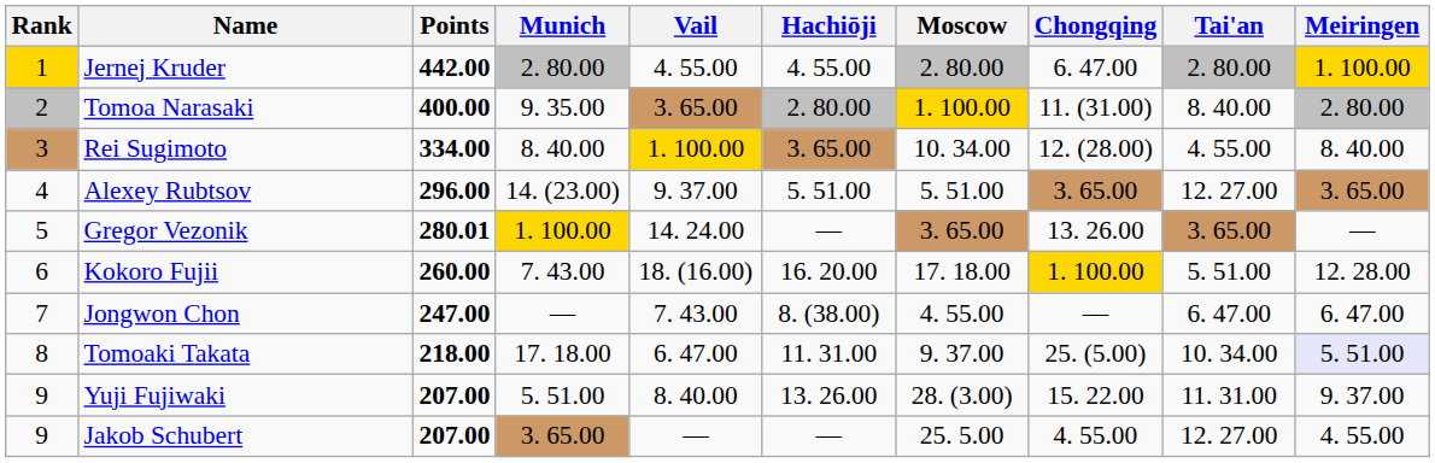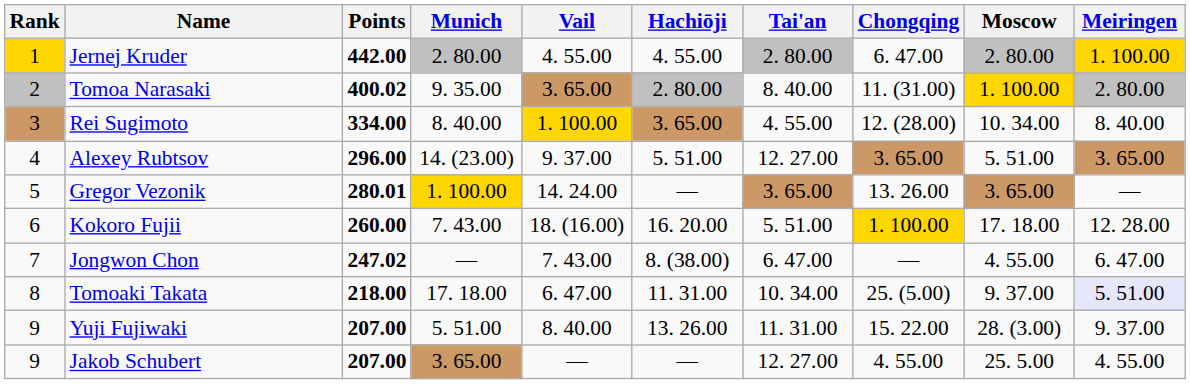 <table class="wikitable sortable">
 <tr>
 <th>Rank</th>
 <th width = "200">Name</th>
 <th>Points</th>
 <th width = "75" data-sort-type="number"><a href='#'>Munich</a></th>
 <th width = "75" data-sort-type="number"><a href='#'>Vail</a></th>
 <th width = "75" data-sort-type="number"><a href='#'>Hachiōji</a></th>
+<th width = "75" data-sort-type="number"><a href='#'>Tai'an</a></th>
+<th width = "75" data-sort-type="number"><a href='#'>Chongqing</a></th>
 <th width = "75" data-sort-type="number">Moscow</th>
-<th width = "75" data-sort-type="number"><a href='#'>Chongqing</a></th>
-<th width = "75" data-sort-type="number"><a href='#'>Tai'an</a></th>
 <th width = "75" data-sort-type="number"><a href='#'>Meiringen</a></th>
 </tr>
 <tr>
 <td align="center" style="background: gold">1</td>
 <td> <a href='#'>Jernej Kruder</a></td>
 <td align="center"><strong>442.00</strong></td>
 <td align="center" style="background: silver">2. 80.00</td>
 <td align="center">4. 55.00</td>
 <td align="center">4. 55.00</td>
 <td align="center" style="background: silver">2. 80.00</td>
 <td align="center">6. 47.00</td>
 <td align="center" style="background: silver">2. 80.00</td>
 <td align="center" style="background: gold">1. 100.00</td>
 </tr>
 <tr>
 <td align="center" style="background: silver">2</td>
 <td> <a href='#'>Tomoa Narasaki</a></td>
-<td align="center"><strong>400.00</strong></td>
+<td align="center"><strong>400.02</strong></td>
 <td align="center">9. 35.00</td>
 <td align="center" style="background: #cc9966">3. 65.00</td>
 <td align="center" style="background: silver">2. 80.00</td>
+<td align="center">8. 40.00</td>
+<td align="center">11. (31.00)</td>
 <td align="center" style="background: gold">1. 100.00</td>
-<td align="center">11. (31.00)</td>
-<td align="center">8. 40.00</td>
 <td align="center" style="background: silver">2. 80.00</td>
 </tr>
 <tr>
 <td align="center" style="background: #cc9966">3</td>
 <td> <a href='#'>Rei Sugimoto</a></td>
 <td align="center"><strong>334.00</strong></td>
 <td align="center">8. 40.00</td>
 <td align="center" style="background: gold">1. 100.00</td>
 <td align="center" style="background: #cc9966">3. 65.00</td>
+<td align="center">4. 55.00</td>
+<td align="center">12. (28.00)</td>
 <td align="center">10. 34.00</td>
-<td align="center">12. (28.00)</td>
-<td align="center">4. 55.00</td>
 <td align="center">8. 40.00</td>
 </tr>
 <tr>
 <td align="center">4</td>
 <td> <a href='#'>Alexey Rubtsov</a></td>
 <td align="center"><strong>296.00</strong></td>
 <td align="center">14. (23.00)</td>
 <td align="center">9. 37.00</td>
 <td align="center">5. 51.00</td>
+<td align="center">12. 27.00</td>
+<td align="center" style="background: #cc9966">3. 65.00</td>
 <td align="center">5. 51.00</td>
-<td align="center" style="background: #cc9966">3. 65.00</td>
-<td align="center">12. 27.00</td>
 <td align="center" style="background: #cc9966">3. 65.00</td>
 </tr>
 <tr>
 <td align="center">5</td>
 <td> <a href='#'>Gregor Vezonik</a></td>
 <td align="center"><strong>280.01</strong></td>
 <td align="center" style="background: gold">1. 100.00</td>
 <td align="center">14. 24.00</td>
 <td align="center">—</td>
 <td align="center" style="background: #cc9966">3. 65.00</td>
 <td align="center">13. 26.00</td>
 <td align="center" style="background: #cc9966">3. 65.00</td>
 <td align="center">—</td>
 </tr>
 <tr>
 <td align="center">6</td>
 <td> <a href='#'>Kokoro Fujii</a></td>
 <td align="center"><strong>260.00</strong></td>
 <td align="center">7. 43.00</td>
 <td align="center">18. (16.00)</td>
 <td align="center">16. 20.00</td>
+<td align="center">5. 51.00</td>
+<td align="center" style="background: gold">1. 100.00</td>
 <td align="center">17. 18.00</td>
-<td align="center" style="background: gold">1. 100.00</td>
-<td align="center">5. 51.00</td>
 <td align="center">12. 28.00</td>
 </tr>
 <tr>
 <td align="center">7</td>
 <td> <a href='#'>Jongwon Chon</a></td>
-<td align="center"><strong>247.00</strong></td>
+<td align="center"><strong>247.02</strong></td>
 <td align="center">—</td>
 <td align="center">7. 43.00</td>
 <td align="center">8. (38.00)</td>
+<td align="center">6. 47.00</td>
+<td align="center">—</td>
 <td align="center">4. 55.00</td>
-<td align="center">—</td>
-<td align="center">6. 47.00</td>
 <td align="center">6. 47.00</td>
 </tr>
 <tr>
 <td align="center">8</td>
 <td> <a href='#'>Tomoaki Takata</a></td>
 <td align="center"><strong>218.00</strong></td>
 <td align="center">17. 18.00</td>
 <td align="center">6. 47.00</td>
 <td align="center">11. 31.00</td>
+<td align="center">10. 34.00</td>
+<td align="center">25. (5.00)</td>
 <td align="center">9. 37.00</td>
-<td align="center">25. (5.00)</td>
-<td align="center">10. 34.00</td>
 <td align="center" style="background: lavender;">5. 51.00</td>
 </tr>
 <tr>
 <td align="center">9</td>
 <td> <a href='#'>Yuji Fujiwaki</a></td>
 <td align="center"><strong>207.00</strong></td>
 <td align="center">5. 51.00</td>
 <td align="center">8. 40.00</td>
 <td align="center">13. 26.00</td>
+<td align="center">11. 31.00</td>
+<td align="center">15. 22.00</td>
 <td align="center">28. (3.00)</td>
-<td align="center">15. 22.00</td>
-<td align="center">11. 31.00</td>
 <td align="center">9. 37.00</td>
 </tr>
 <tr>
 <td align="center">9</td>
 <td> <a href='#'>Jakob Schubert</a></td>
 <td align="center"><strong>207.00</strong></td>
 <td align="center" style="background: #cc9966">3. 65.00</td>
 <td align="center">—</td>
 <td align="center">—</td>
+<td align="center">12. 27.00</td>
+<td align="center">4. 55.00</td>
 <td align="center">25. 5.00</td>
-<td align="center">4. 55.00</td>
-<td align="center">12. 27.00</td>
 <td align="center">4. 55.00</td>
 </tr>
 </table>
